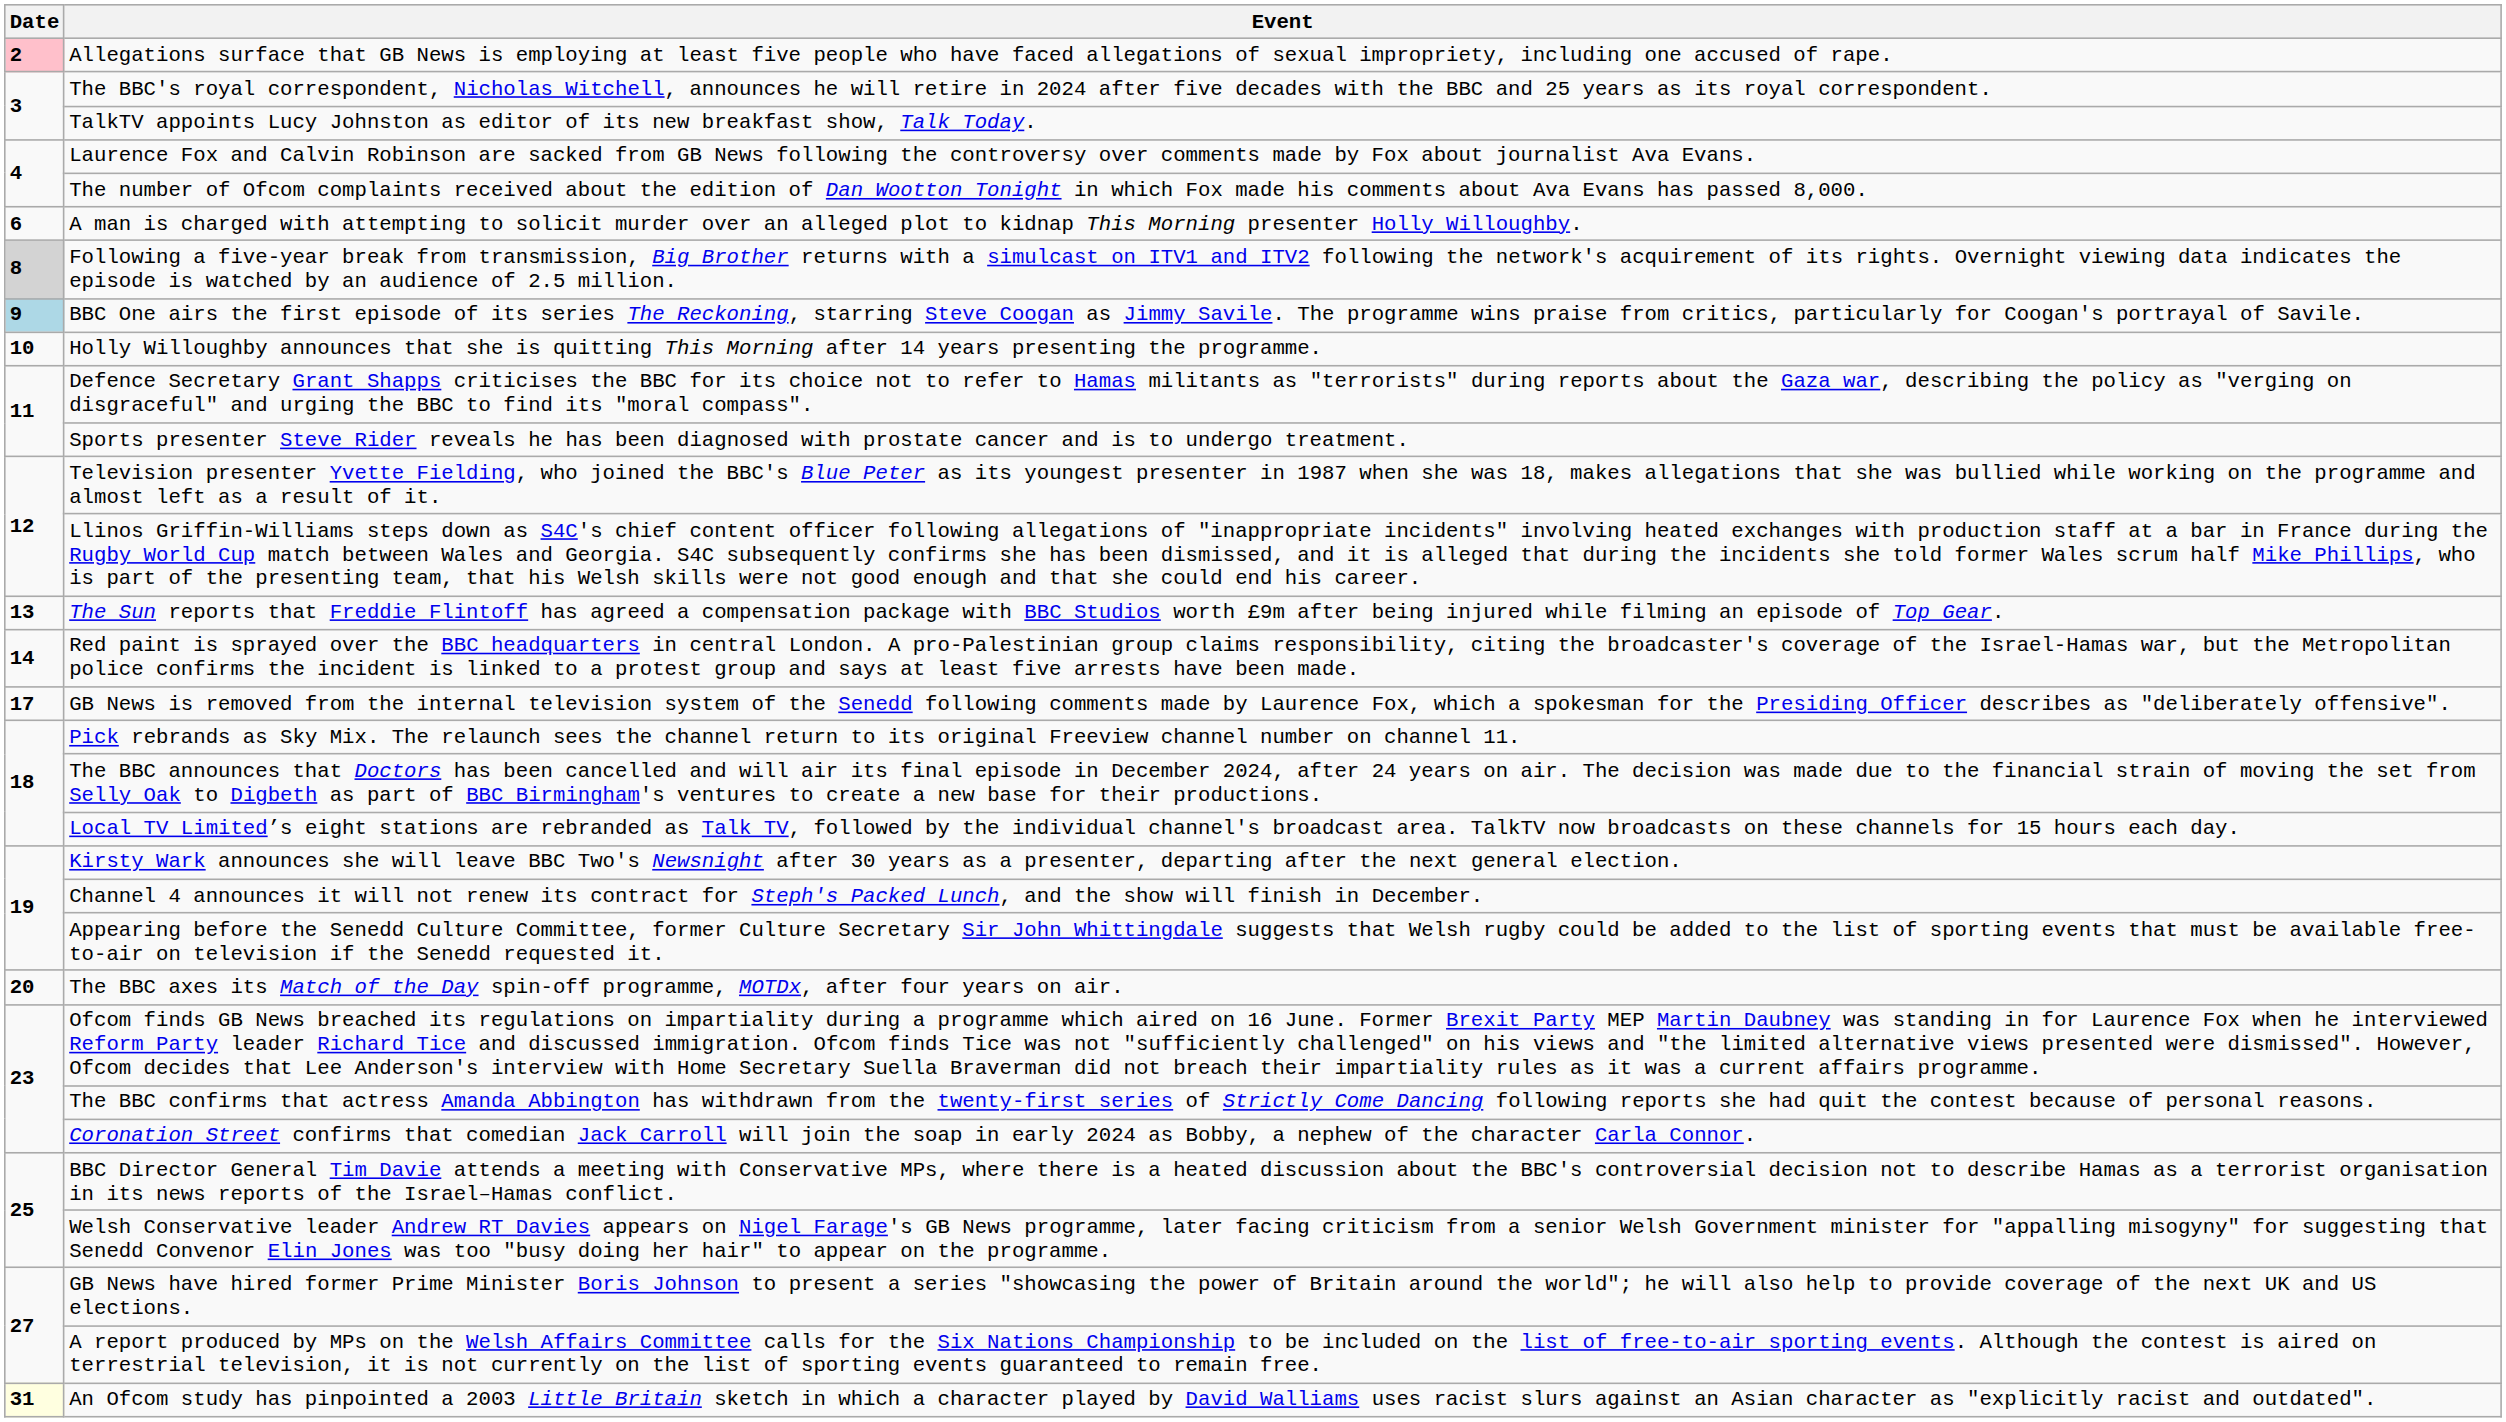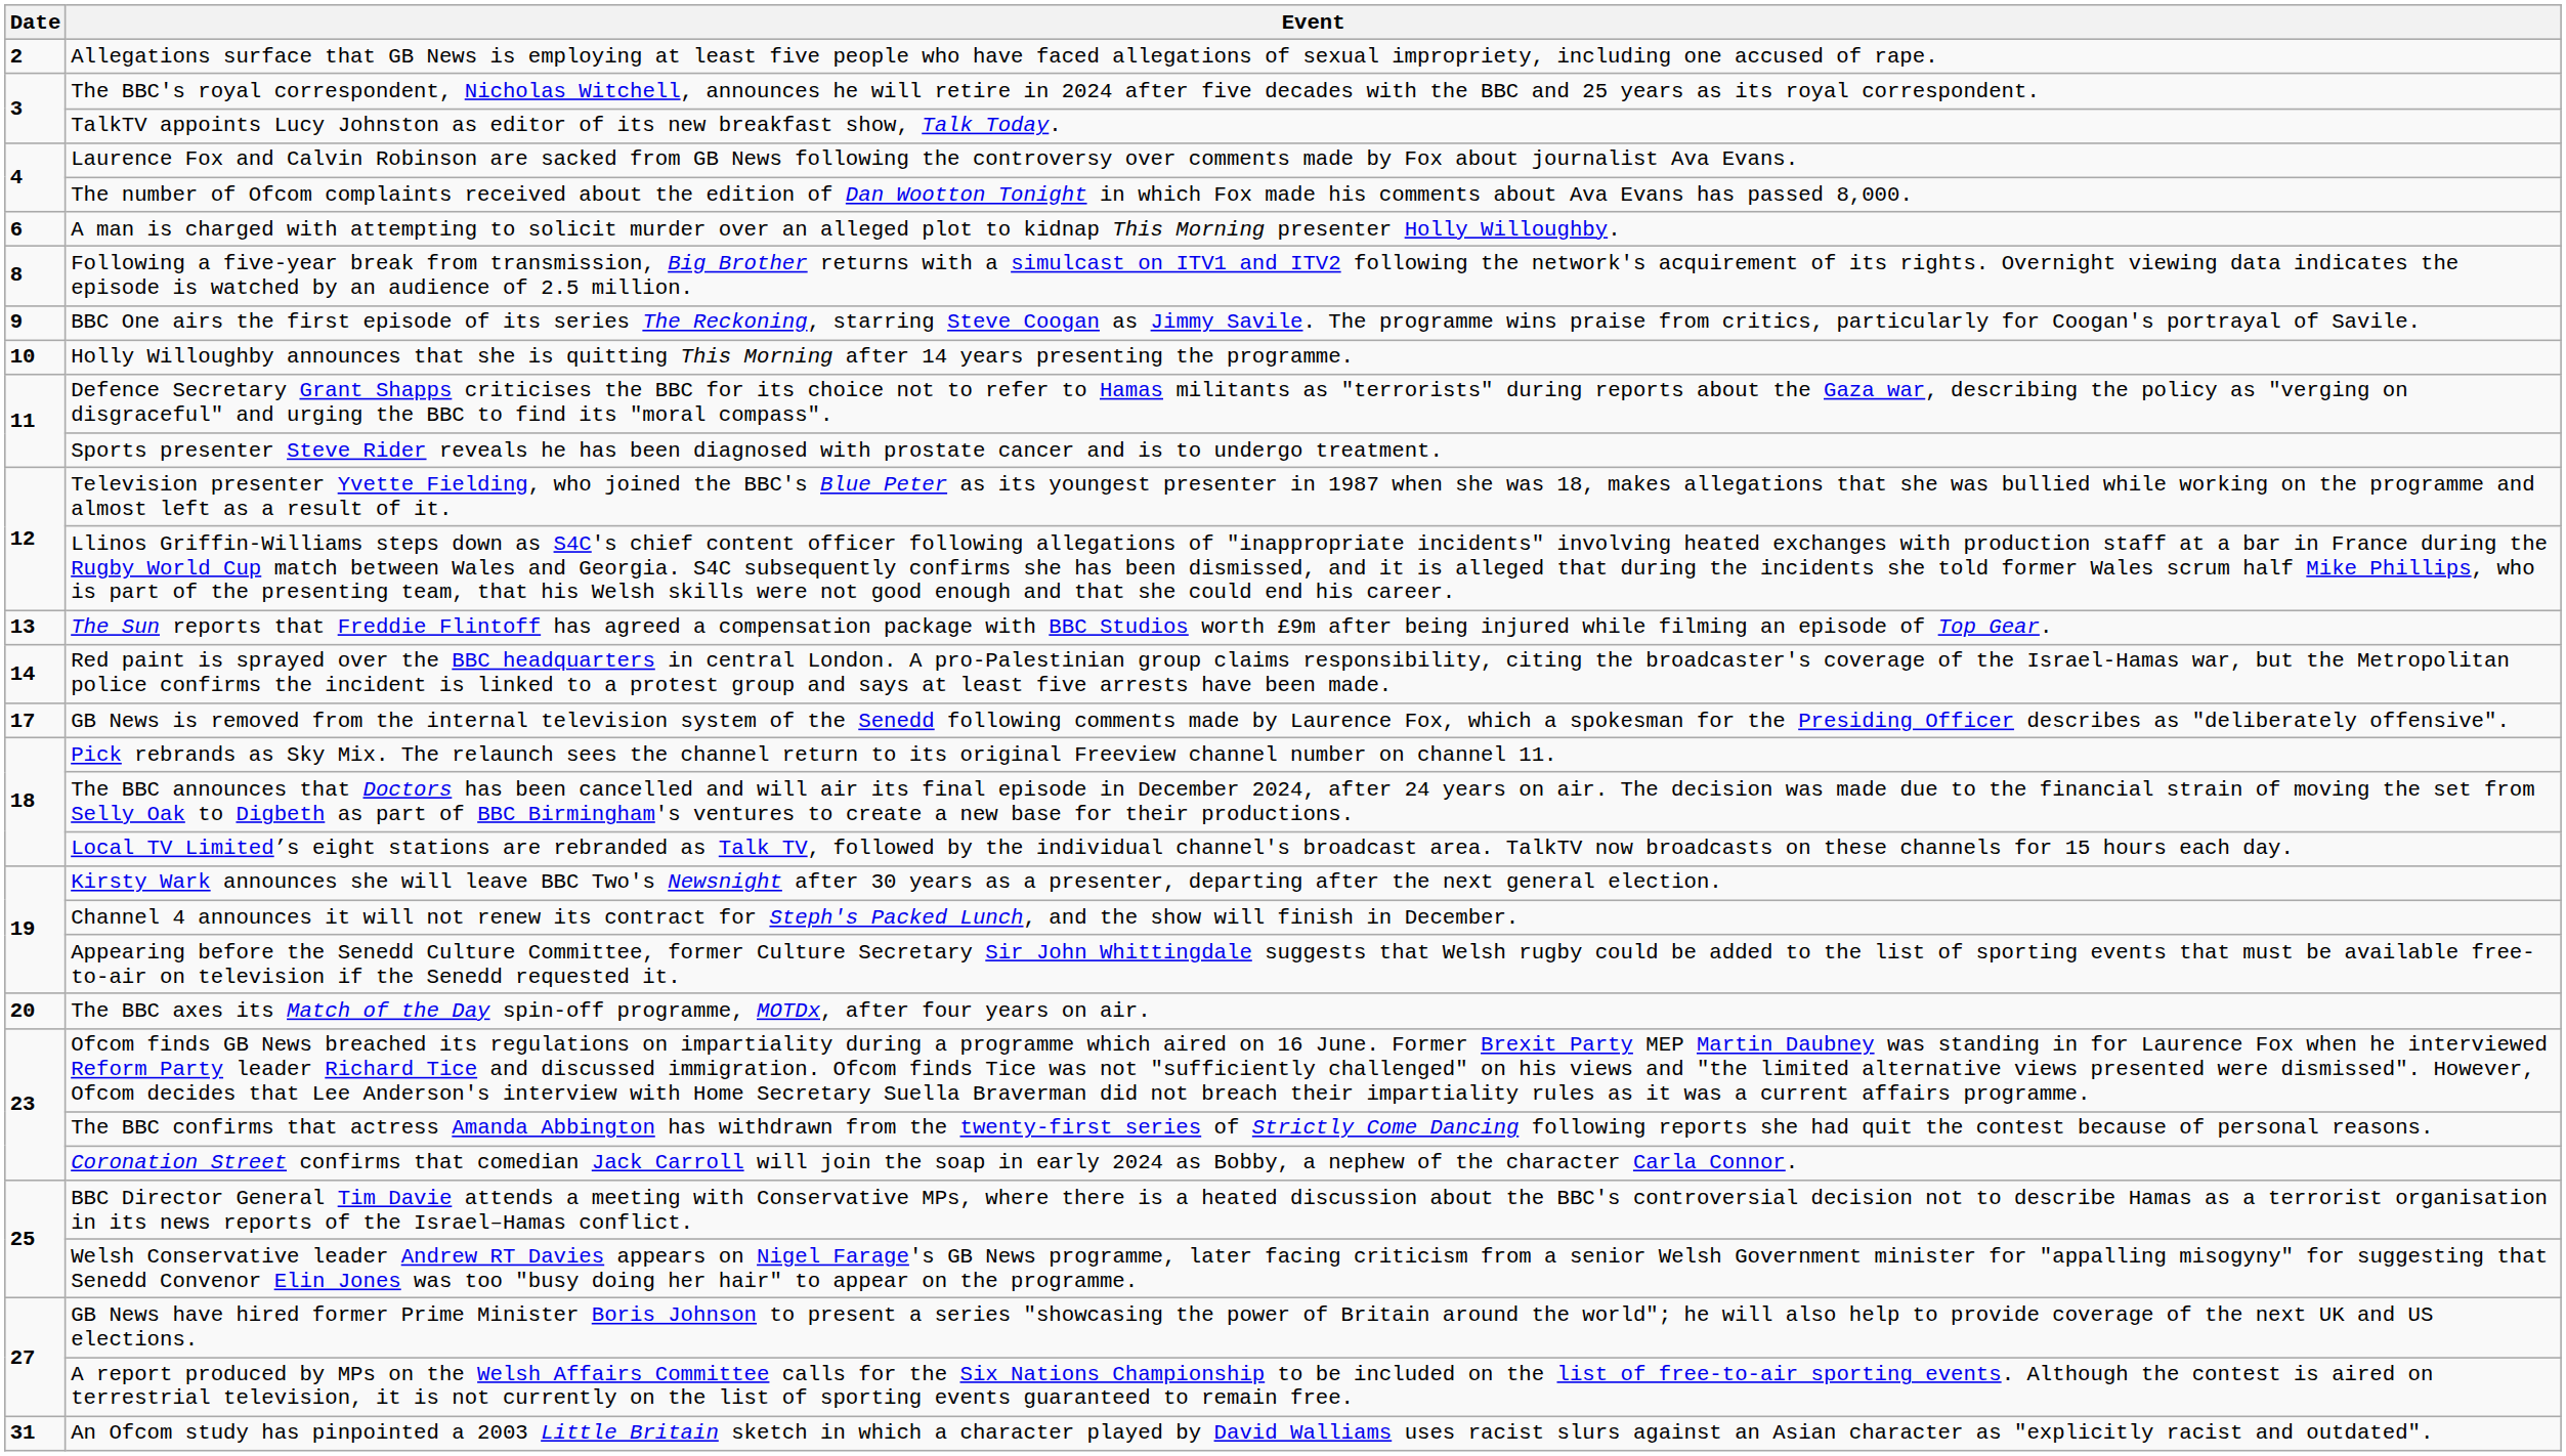 <table class="wikitable">
 <tr>
 <th>Date</th>
 <th>Event</th>
 </tr>
 <tr>
-<td style="background: pink;"><strong>2</strong></td>
+<td><strong>2</strong></td>
 <td>Allegations surface that GB News is employing at least five people who have faced allegations of sexual impropriety, including one accused of rape.</td>
 </tr>
 <tr>
 <td rowspan=2><strong>3</strong></td>
 <td>The BBC's royal correspondent, <a href='#'>Nicholas Witchell</a>, announces he will retire in 2024 after five decades with the BBC and 25 years as its royal correspondent.</td>
 </tr>
 <tr>
 <td>TalkTV appoints Lucy Johnston as editor of its new breakfast show, <em><a href='#'>Talk Today</a></em>.</td>
 </tr>
 <tr>
 <td rowspan=2><strong>4</strong></td>
 <td>Laurence Fox and Calvin Robinson are sacked from GB News following the controversy over comments made by Fox about journalist Ava Evans.</td>
 </tr>
 <tr>
 <td>The number of Ofcom complaints received about the edition of <em><a href='#'>Dan Wootton Tonight</a></em> in which Fox made his comments about Ava Evans has passed 8,000.</td>
 </tr>
 <tr>
 <td><strong>6</strong></td>
 <td>A man is charged with attempting to solicit murder over an alleged plot to kidnap <em>This Morning</em> presenter <a href='#'>Holly Willoughby</a>.</td>
 </tr>
 <tr>
-<td style="background: lightgrey;"><strong>8</strong></td>
+<td><strong>8</strong></td>
 <td>Following a five-year break from transmission, <em><a href='#'>Big Brother</a></em> returns with a <a href='#'>simulcast on ITV1 and ITV2</a> following the network's acquirement of its rights. Overnight viewing data indicates the episode is watched by an audience of 2.5 million.</td>
 </tr>
 <tr>
-<td style="background: lightblue;"><strong>9</strong></td>
+<td><strong>9</strong></td>
 <td>BBC One airs the first episode of its series <em><a href='#'>The Reckoning</a></em>, starring <a href='#'>Steve Coogan</a> as <a href='#'>Jimmy Savile</a>. The programme wins praise from critics, particularly for Coogan's portrayal of Savile.</td>
 </tr>
 <tr>
 <td><strong>10</strong></td>
 <td>Holly Willoughby announces that she is quitting <em>This Morning</em> after 14 years presenting the programme.</td>
 </tr>
 <tr>
 <td rowspan=2><strong>11</strong></td>
 <td>Defence Secretary <a href='#'>Grant Shapps</a> criticises the BBC for its choice not to refer to <a href='#'>Hamas</a> militants as "terrorists" during reports about the <a href='#'>Gaza war</a>, describing the policy as "verging on disgraceful" and urging the BBC to find its "moral compass".</td>
 </tr>
 <tr>
 <td>Sports presenter <a href='#'>Steve Rider</a> reveals he has been diagnosed with prostate cancer and is to undergo treatment.</td>
 </tr>
 <tr>
 <td rowspan=2><strong>12</strong></td>
 <td>Television presenter <a href='#'>Yvette Fielding</a>, who joined the BBC's <em><a href='#'>Blue Peter</a></em> as its youngest presenter in 1987 when she was 18, makes allegations that she was bullied while working on the programme and almost left as a result of it.</td>
 </tr>
 <tr>
 <td>Llinos Griffin-Williams steps down as <a href='#'>S4C</a>'s chief content officer following allegations of "inappropriate incidents" involving heated exchanges with production staff at a bar in France during the <a href='#'>Rugby World Cup</a> match between Wales and Georgia. S4C subsequently confirms she has been dismissed, and it is alleged that during the incidents she told former Wales scrum half <a href='#'>Mike Phillips</a>, who is part of the presenting team, that his Welsh skills were not good enough and that she could end his career.</td>
 </tr>
 <tr>
 <td><strong>13</strong></td>
 <td><em><a href='#'>The Sun</a></em> reports that <a href='#'>Freddie Flintoff</a> has agreed a compensation package with <a href='#'>BBC Studios</a> worth £9m after being injured while filming an episode of <em><a href='#'>Top Gear</a></em>.</td>
 </tr>
 <tr>
 <td><strong>14</strong></td>
 <td>Red paint is sprayed over the <a href='#'>BBC headquarters</a> in central London. A pro-Palestinian group claims responsibility, citing the broadcaster's coverage of the Israel-Hamas war, but the Metropolitan police confirms the incident is linked to a protest group and says at least five arrests have been made.</td>
 </tr>
 <tr>
 <td><strong>17</strong></td>
 <td>GB News is removed from the internal television system of the <a href='#'>Senedd</a> following comments made by Laurence Fox, which a spokesman for the <a href='#'>Presiding Officer</a> describes as "deliberately offensive".</td>
 </tr>
 <tr>
 <td rowspan="3"><strong>18</strong></td>
 <td><a href='#'>Pick</a> rebrands as Sky Mix. The relaunch sees the channel return to its original Freeview channel number on channel 11.</td>
 </tr>
 <tr>
 <td>The BBC announces that <em><a href='#'>Doctors</a></em> has been cancelled and will air its final episode in December 2024, after 24 years on air. The decision was made due to the financial strain of moving the set from <a href='#'>Selly Oak</a> to <a href='#'>Digbeth</a> as part of <a href='#'>BBC Birmingham</a>'s ventures to create a new base for their productions.</td>
 </tr>
 <tr>
 <td><a href='#'>Local TV Limited</a>’s eight stations are rebranded as <a href='#'>Talk TV</a>, followed by the individual channel's broadcast area. TalkTV now broadcasts on these channels for 15 hours each day.</td>
 </tr>
 <tr>
 <td rowspan=3><strong>19</strong></td>
 <td><a href='#'>Kirsty Wark</a> announces she will leave BBC Two's <em><a href='#'>Newsnight</a></em> after 30 years as a presenter, departing after the next general election.</td>
 </tr>
 <tr>
 <td>Channel 4 announces it will not renew its contract for <em><a href='#'>Steph's Packed Lunch</a></em>, and the show will finish in December.</td>
 </tr>
 <tr>
 <td>Appearing before the Senedd Culture Committee, former Culture Secretary <a href='#'>Sir John Whittingdale</a> suggests that Welsh rugby could be added to the list of sporting events that must be available free-to-air on television if the Senedd requested it.</td>
 </tr>
 <tr>
 <td><strong>20</strong></td>
 <td>The BBC axes its <em><a href='#'>Match of the Day</a></em> spin-off programme, <em><a href='#'>MOTDx</a></em>, after four years on air.</td>
 </tr>
 <tr>
 <td rowspan=3><strong>23</strong></td>
 <td>Ofcom finds GB News breached its regulations on impartiality during a programme which aired on 16 June. Former <a href='#'>Brexit Party</a> MEP <a href='#'>Martin Daubney</a> was standing in for Laurence Fox when he interviewed <a href='#'>Reform Party</a> leader <a href='#'>Richard Tice</a> and discussed immigration. Ofcom finds Tice was not "sufficiently challenged" on his views and "the limited alternative views presented were dismissed". However, Ofcom decides that Lee Anderson's interview with Home Secretary Suella Braverman did not breach their impartiality rules as it was a current affairs programme.</td>
 </tr>
 <tr>
 <td>The BBC confirms that actress <a href='#'>Amanda Abbington</a> has withdrawn from the <a href='#'>twenty-first series</a> of <em><a href='#'>Strictly Come Dancing</a></em> following reports she had quit the contest because of personal reasons.</td>
 </tr>
 <tr>
 <td><em><a href='#'>Coronation Street</a></em> confirms that comedian <a href='#'>Jack Carroll</a> will join the soap in early 2024 as Bobby, a nephew of the character <a href='#'>Carla Connor</a>.</td>
 </tr>
 <tr>
 <td rowspan=2><strong>25</strong></td>
 <td>BBC Director General <a href='#'>Tim Davie</a> attends a meeting with Conservative MPs, where there is a heated discussion about the BBC's controversial decision not to describe Hamas as a terrorist organisation in its news reports of the Israel–Hamas conflict.</td>
 </tr>
 <tr>
 <td>Welsh Conservative leader <a href='#'>Andrew RT Davies</a> appears on <a href='#'>Nigel Farage</a>'s GB News programme, later facing criticism from a senior Welsh Government minister for "appalling misogyny" for suggesting that Senedd Convenor <a href='#'>Elin Jones</a> was too "busy doing her hair" to appear on the programme.</td>
 </tr>
 <tr>
 <td rowspan=2><strong>27</strong></td>
 <td>GB News have hired former Prime Minister <a href='#'>Boris Johnson</a> to present a series "showcasing the power of Britain around the world"; he will also help to provide coverage of the next UK and US elections.</td>
 </tr>
 <tr>
 <td>A report produced by MPs on the <a href='#'>Welsh Affairs Committee</a> calls for the <a href='#'>Six Nations Championship</a> to be included on the <a href='#'>list of free-to-air sporting events</a>. Although the contest is aired on terrestrial television, it is not currently on the list of sporting events guaranteed to remain free.</td>
 </tr>
 <tr>
-<td style="background: lightyellow;"><strong>31</strong></td>
+<td><strong>31</strong></td>
 <td>An Ofcom study has pinpointed a 2003 <em><a href='#'>Little Britain</a></em> sketch in which a character played by <a href='#'>David Walliams</a> uses racist slurs against an Asian character as "explicitly racist and outdated".</td>
 </tr>
 </table>
